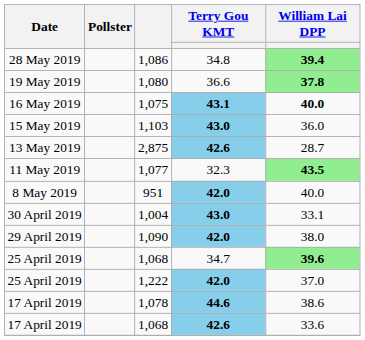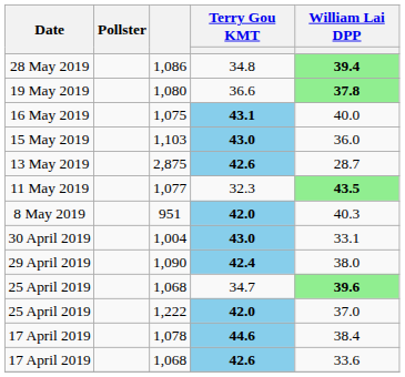 <table class="wikitable sortable collapsible" style="font-size:95%; text-align:center">
 <tr>
 <th rowspan=2>Date</th>
 <th rowspan=2>Pollster</th>
 <th rowspan=2></th>
 <th width=100px><a href='#'>Terry Gou</a><br><a href='#'>KMT</a></th>
 <th width=100px><a href='#'>William Lai</a><br><a href='#'>DPP</a></th>
 </tr>
 <tr>
 <th style="background:"></th>
 <th style="background:"></th>
 </tr>
 <tr>
 <td>28 May 2019</td>
 <td></td>
 <td>1,086</td>
 <td>34.8</td>
 <td style="background-color:lightgreen;"><strong>39.4</strong></td>
 </tr>
 <tr>
 <td>19 May 2019</td>
 <td></td>
 <td>1,080</td>
 <td>36.6</td>
 <td style="background-color:lightgreen;"><strong>37.8</strong></td>
 </tr>
 <tr>
 <td>16 May 2019</td>
 <td></td>
 <td>1,075</td>
 <td style="background-color:skyblue;"><strong>43.1</strong></td>
-<td><strong>40.0</strong></td>
+<td>40.0</td>
 </tr>
 <tr>
 <td>15 May 2019</td>
 <td></td>
 <td>1,103</td>
 <td style="background-color:skyblue;"><strong>43.0</strong></td>
 <td>36.0</td>
 </tr>
 <tr>
 <td>13 May 2019</td>
 <td></td>
 <td>2,875</td>
 <td style="background-color:skyblue;"><strong>42.6</strong></td>
 <td>28.7</td>
 </tr>
 <tr>
 <td>11 May 2019</td>
 <td></td>
 <td>1,077</td>
 <td>32.3</td>
 <td style="background-color:lightgreen;"><strong>43.5</strong></td>
 </tr>
 <tr>
 <td>8 May 2019</td>
 <td></td>
 <td>951</td>
 <td style="background-color:skyblue;"><strong>42.0</strong></td>
-<td>40.0</td>
+<td>40.3</td>
 </tr>
 <tr>
 <td>30 April 2019</td>
 <td></td>
 <td>1,004</td>
 <td style="background-color:skyblue;"><strong>43.0</strong></td>
 <td>33.1</td>
 </tr>
 <tr>
 <td>29 April 2019</td>
 <td></td>
 <td>1,090</td>
-<td style="background-color:skyblue;"><strong>42.0</strong></td>
+<td style="background-color:skyblue;"><strong>42.4</strong></td>
 <td>38.0</td>
 </tr>
 <tr>
 <td>25 April 2019</td>
 <td></td>
 <td>1,068</td>
 <td>34.7</td>
 <td style="background-color:lightgreen;"><strong>39.6</strong></td>
 </tr>
 <tr>
 <td>25 April 2019</td>
 <td></td>
 <td>1,222</td>
 <td style="background-color:skyblue;"><strong>42.0</strong></td>
 <td>37.0</td>
 </tr>
 <tr>
 <td>17 April 2019</td>
 <td></td>
 <td>1,078</td>
 <td style="background-color:skyblue;"><strong>44.6</strong></td>
-<td>38.6</td>
+<td>38.4</td>
 </tr>
 <tr>
 <td>17 April 2019</td>
 <td></td>
 <td>1,068</td>
 <td style="background-color:skyblue;"><strong>42.6</strong></td>
 <td>33.6</td>
 </tr>
 <tr>
 </tr>
 </table>
